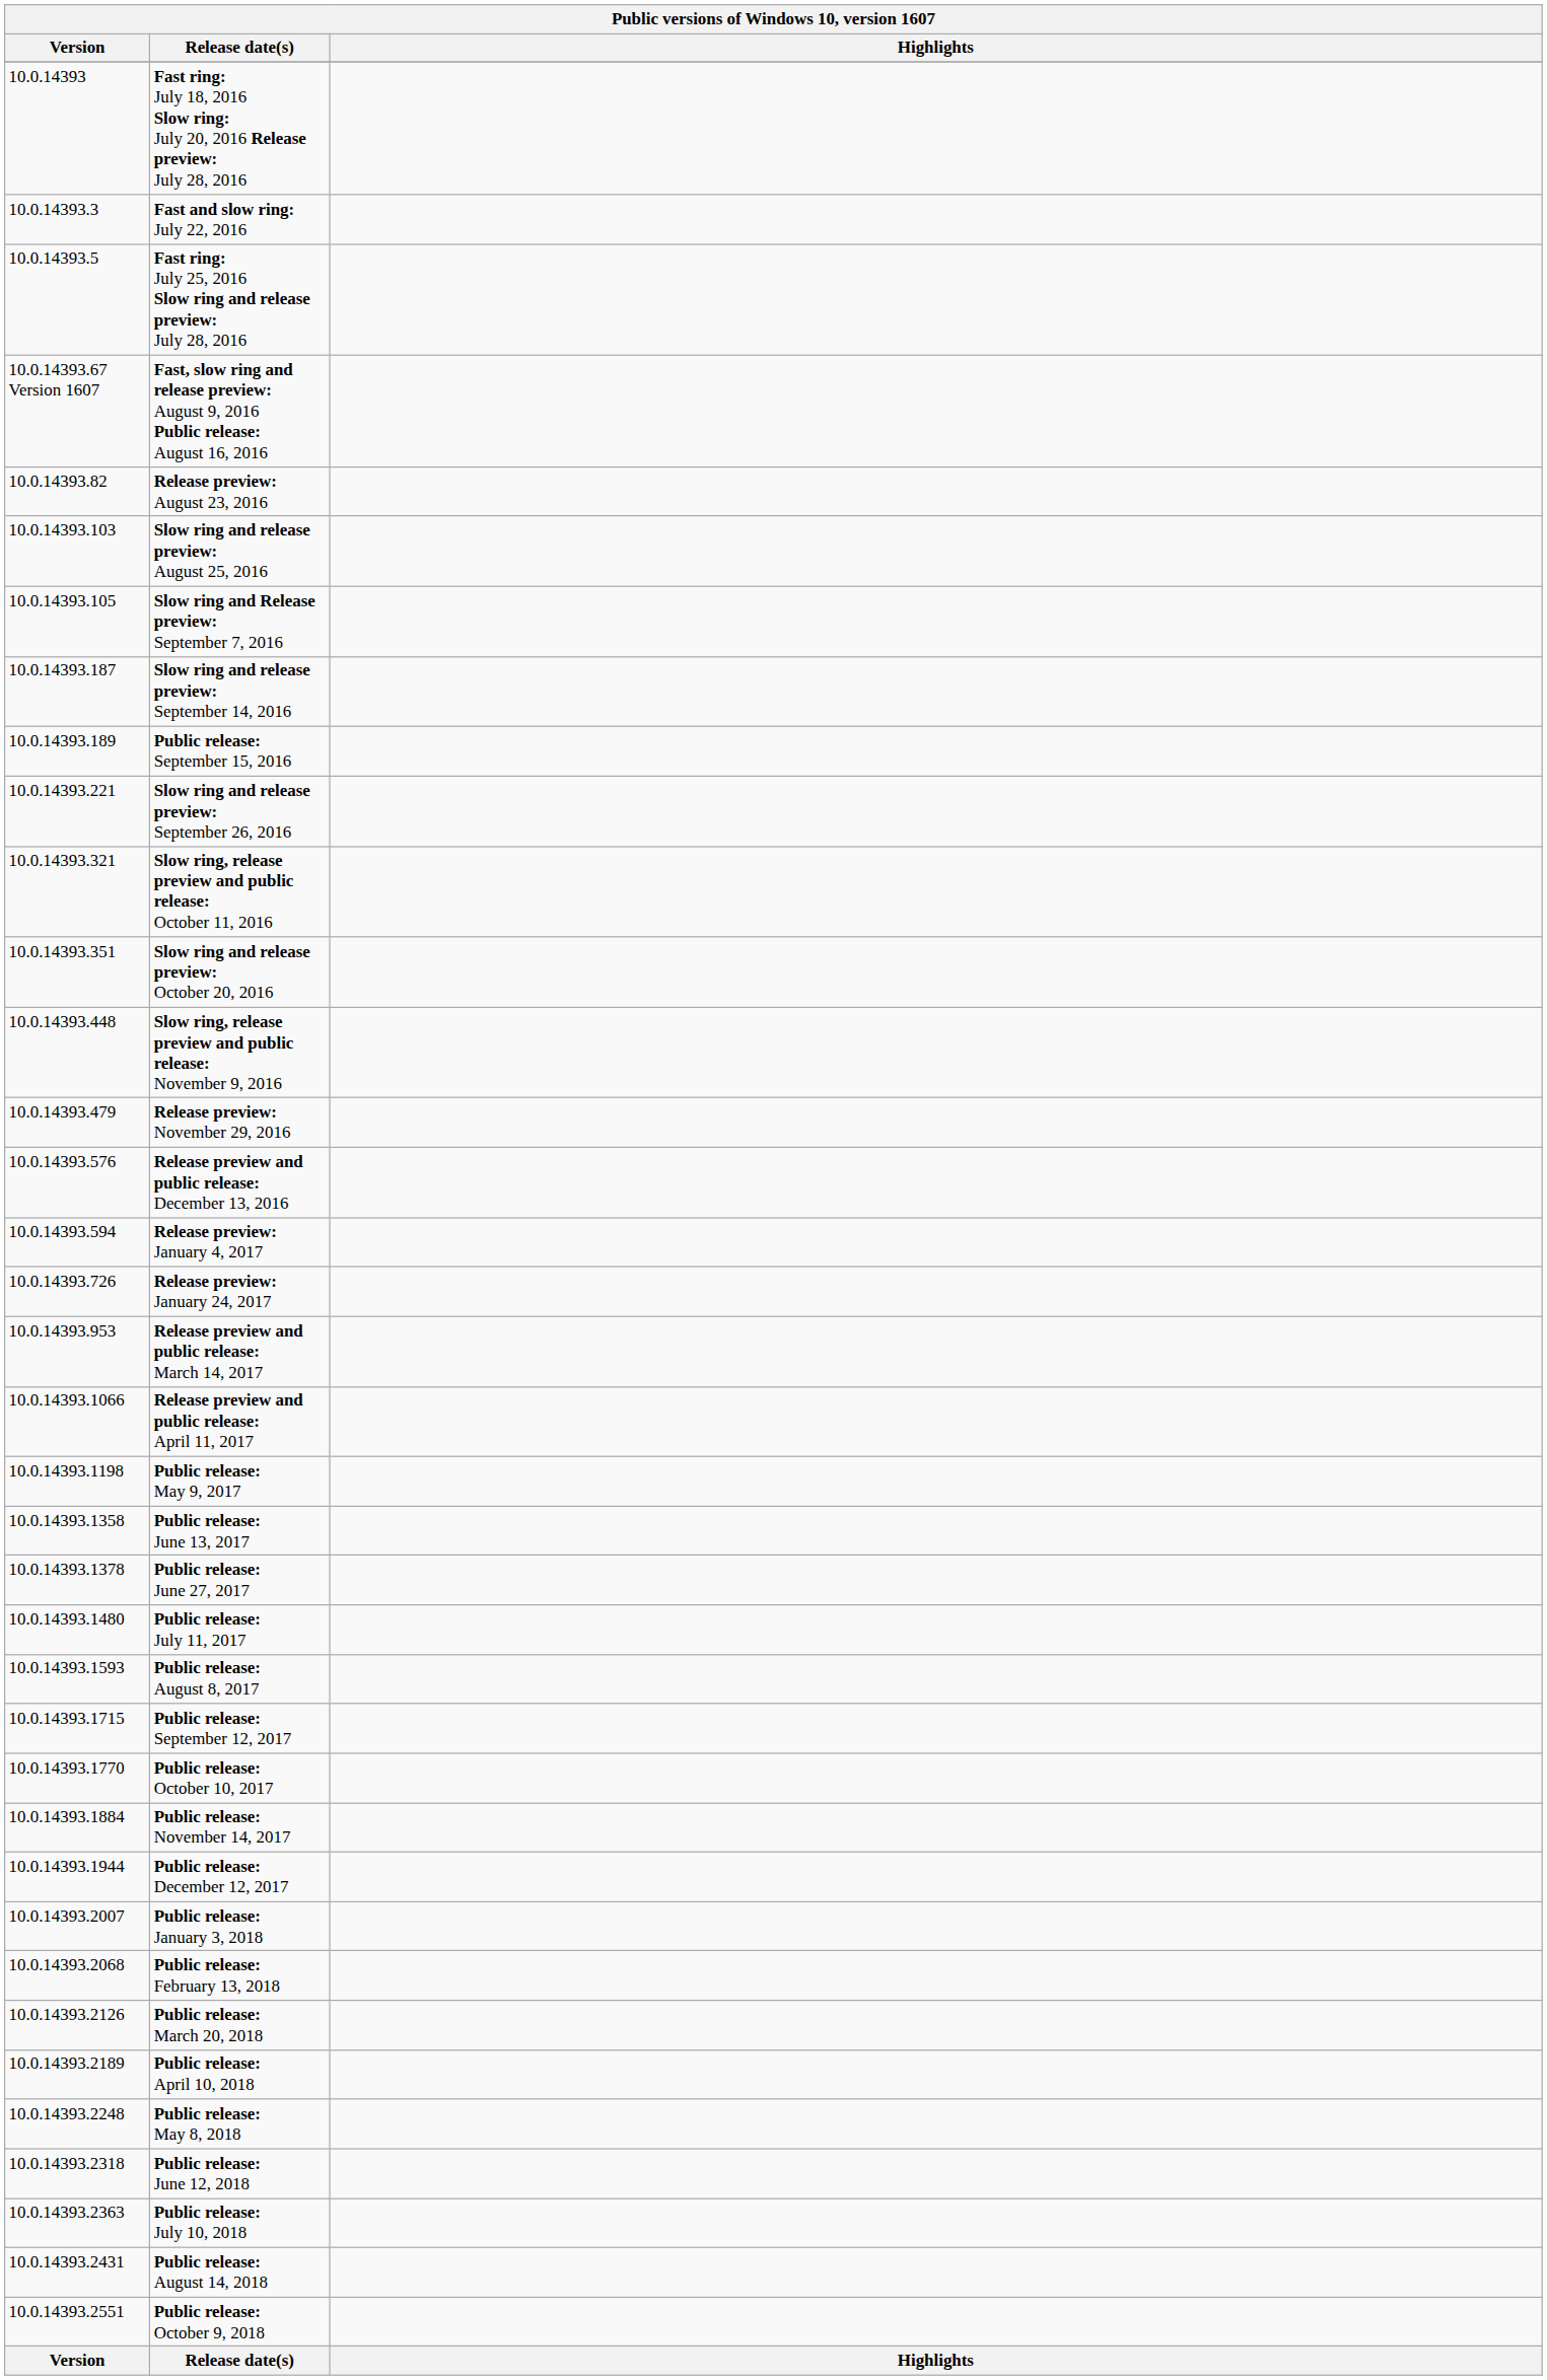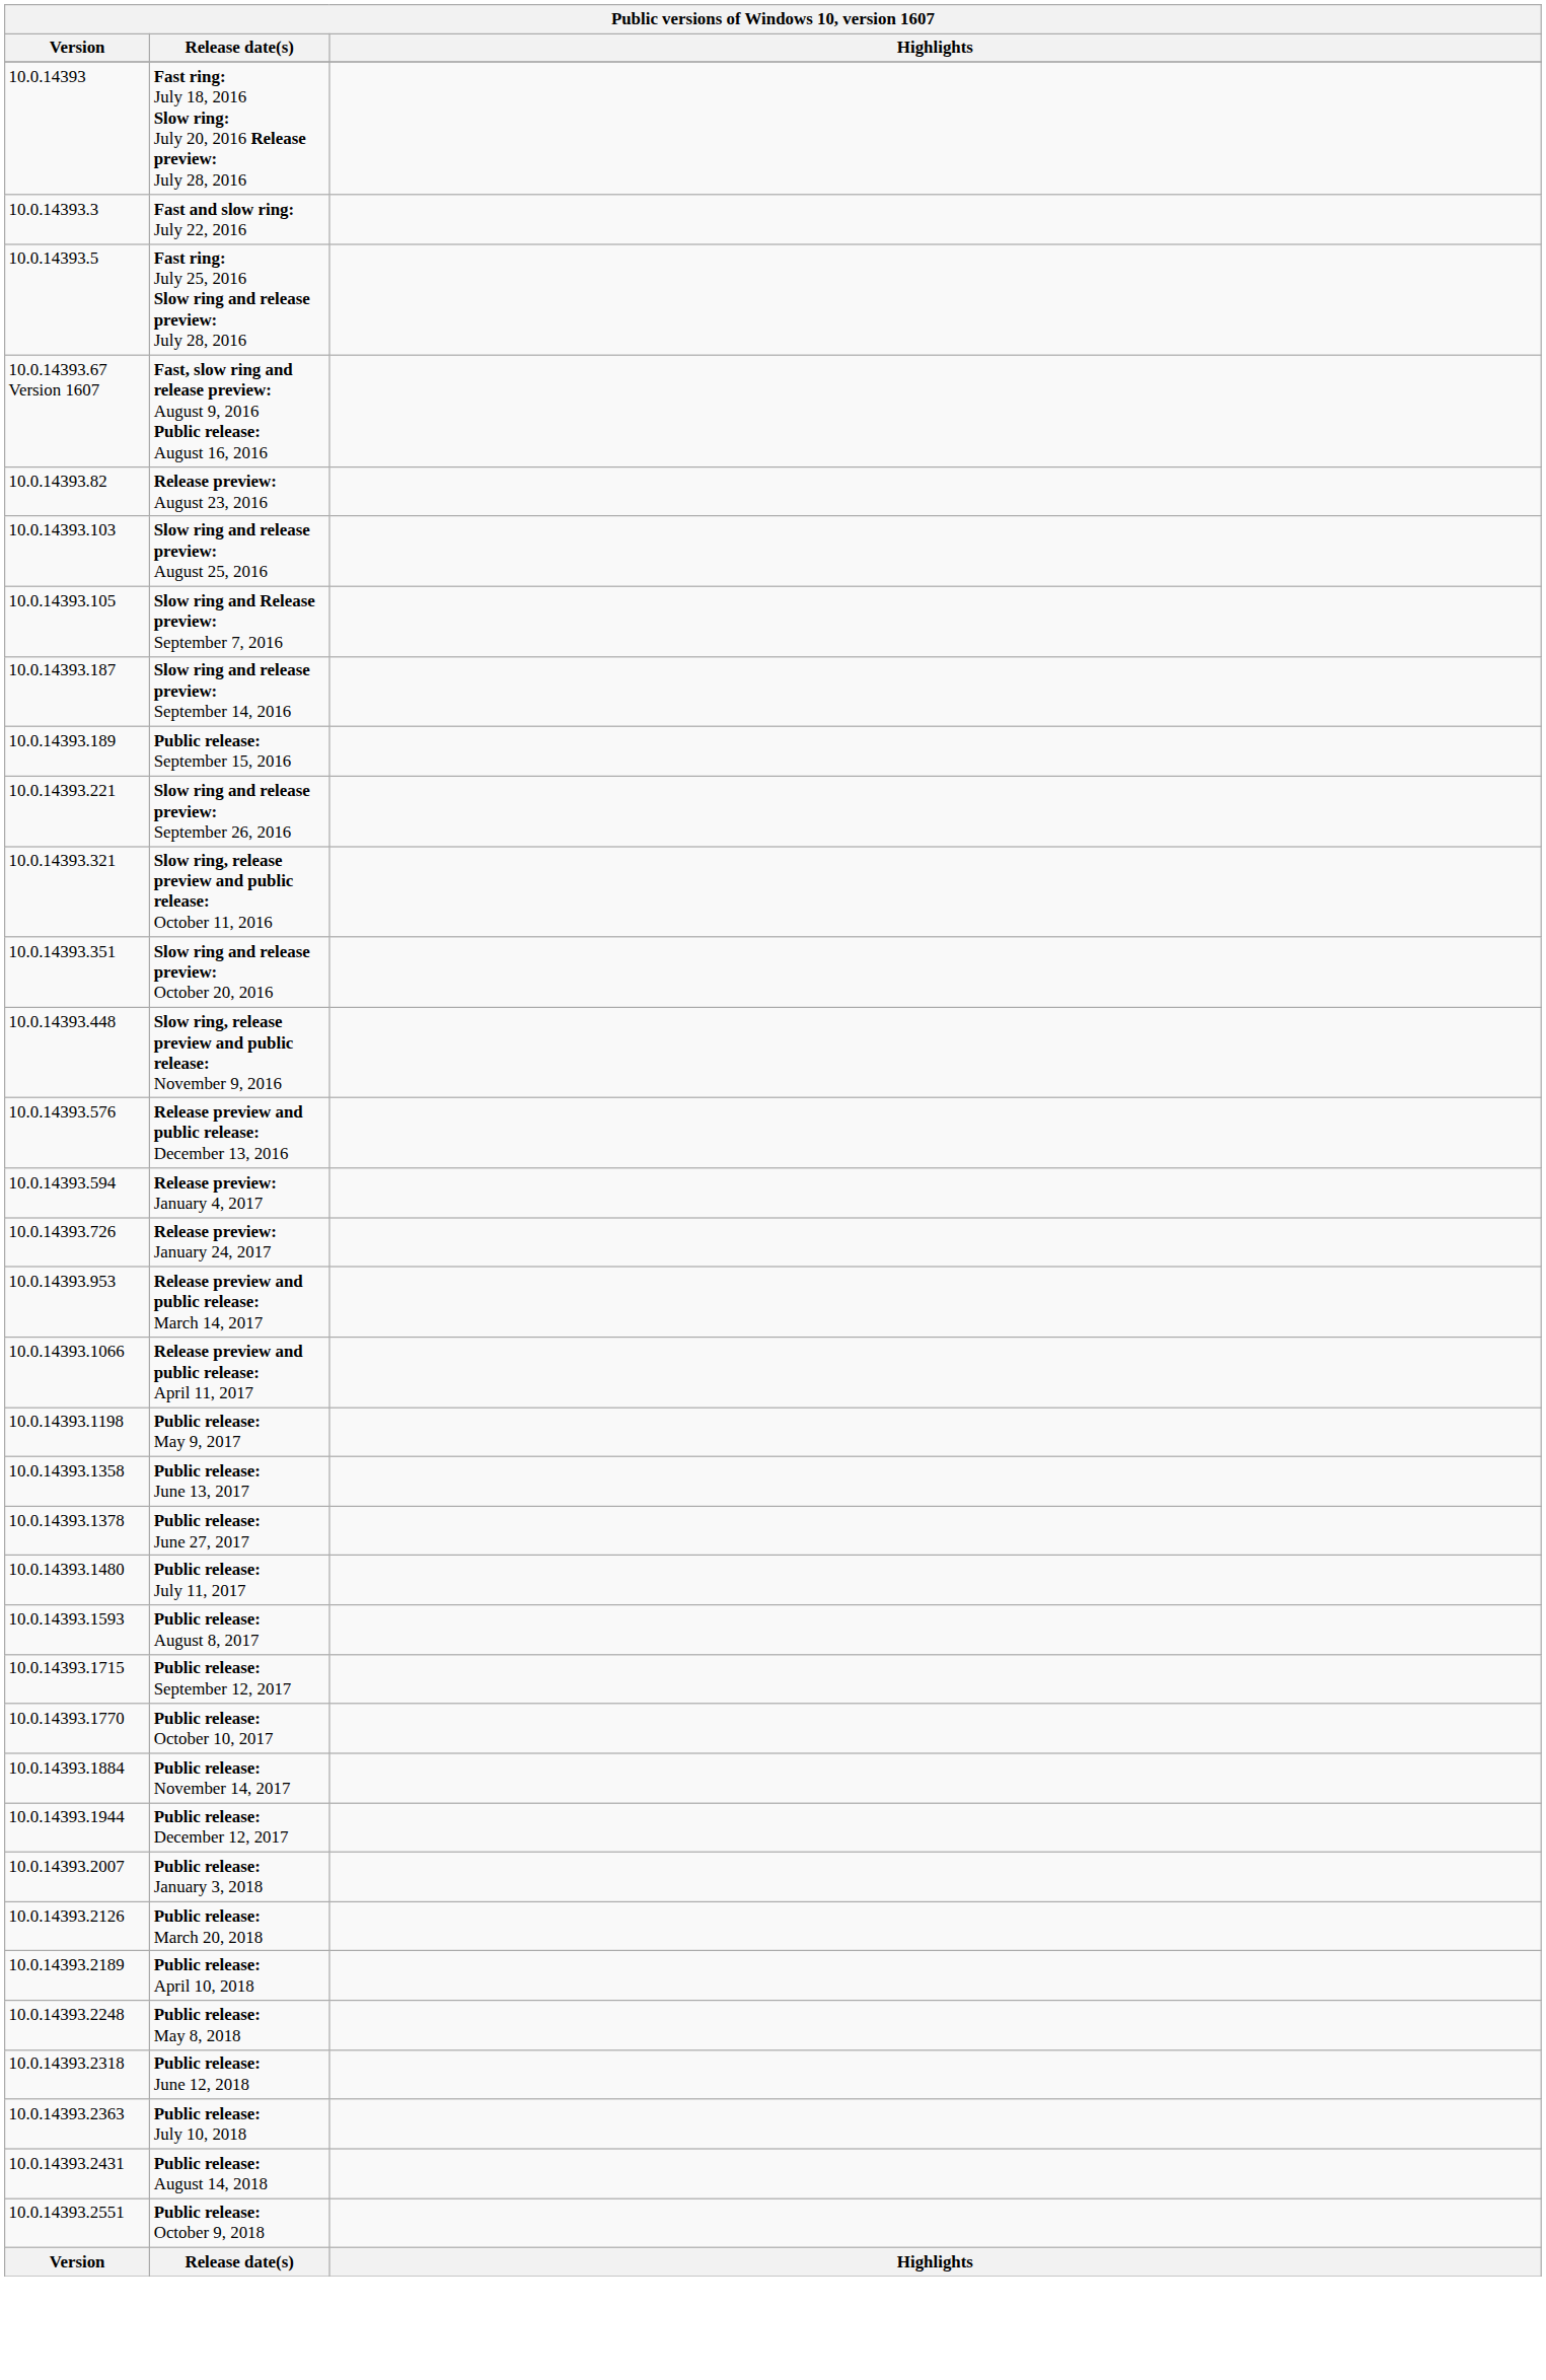 <table class="wikitable mw-collapsible mw-collapsed" style="width:100%;font-size:88%;">
 <tr>
 <th style="text-align:center;" colspan="3">Public versions of Windows 10, version 1607</th>
 </tr>
 <tr>
 <th scope="col" style="width:8em;text-align:center;">Version</th>
 <th scope="col" style="width:10em;text-align:center;background::#fff;">Release date(s)</th>
 <th scope="col" style="background::#fff;text-align:center;">Highlights</th>
 </tr>
 <tr style="vertical-align:top;">
 </tr>
 <tr valign="top">
 <td>10.0.14393<br></td>
 <td><strong>Fast ring:</strong><br>July 18, 2016<br><strong>Slow ring:</strong><br>July 20, 2016 <strong>Release preview:</strong><br>July 28, 2016</td>
 <td></td>
 </tr>
 <tr valign="top">
 <td>10.0.14393.3<br></td>
 <td><strong>Fast and slow ring:</strong><br>July 22, 2016</td>
 <td></td>
 </tr>
 <tr valign="top">
 <td>10.0.14393.5<br></td>
 <td><strong>Fast ring:</strong><br>July 25, 2016<br><strong>Slow ring and release preview:</strong><br>July 28, 2016</td>
 <td></td>
 </tr>
 <tr valign="top">
 <td>10.0.14393.67<br>Version 1607<br></td>
 <td><strong>Fast, slow ring and release preview:</strong><br>August 9, 2016<br><strong>Public release:</strong><br>August 16, 2016</td>
 <td></td>
 </tr>
 <tr valign="top">
 <td>10.0.14393.82<br></td>
 <td><strong>Release preview:</strong><br>August 23, 2016</td>
 <td></td>
 </tr>
 <tr valign="top">
 <td>10.0.14393.103<br></td>
 <td><strong>Slow ring and release preview:</strong><br>August 25, 2016</td>
 <td></td>
 </tr>
 <tr valign="top">
 <td>10.0.14393.105<br></td>
 <td><strong>Slow ring and Release preview:</strong><br>September 7, 2016</td>
 <td></td>
 </tr>
 <tr valign="top">
 <td>10.0.14393.187<br></td>
 <td><strong>Slow ring and release preview:</strong><br>September 14, 2016</td>
 <td></td>
 </tr>
 <tr valign="top">
 <td>10.0.14393.189<br></td>
 <td><strong>Public release:</strong><br>September 15, 2016</td>
 <td></td>
 </tr>
 <tr valign="top">
 <td>10.0.14393.221<br></td>
 <td><strong>Slow ring and release preview:</strong><br>September 26, 2016</td>
 <td></td>
 </tr>
 <tr valign="top">
 <td>10.0.14393.321<br></td>
 <td><strong>Slow ring, release preview and public release:</strong><br>October 11, 2016</td>
 <td></td>
 </tr>
 <tr valign="top">
 <td>10.0.14393.351<br></td>
 <td><strong>Slow ring and release preview:</strong><br>October 20, 2016</td>
 <td></td>
 </tr>
 <tr valign="top">
 <td>10.0.14393.448<br></td>
 <td><strong>Slow ring, release preview and public release:</strong><br>November 9, 2016</td>
-<td></td>
-</tr>
-<tr valign="top">
-<td>10.0.14393.479<br></td>
-<td><strong>Release preview:</strong><br>November 29, 2016</td>
 <td></td>
 </tr>
 <tr valign="top">
 <td>10.0.14393.576<br></td>
 <td><strong>Release preview and public release:</strong><br>December 13, 2016</td>
 <td></td>
 </tr>
 <tr valign="top">
 <td>10.0.14393.594<br></td>
 <td><strong>Release preview:</strong><br>January 4, 2017</td>
 <td></td>
 </tr>
 <tr valign="top">
 <td>10.0.14393.726<br></td>
 <td><strong>Release preview:</strong><br>January 24, 2017</td>
 <td></td>
 </tr>
 <tr valign="top">
 <td>10.0.14393.953<br></td>
 <td><strong>Release preview and public release:</strong><br>March 14, 2017</td>
 <td></td>
 </tr>
 <tr valign="top">
 <td>10.0.14393.1066<br></td>
 <td><strong>Release preview and public release:</strong><br>April 11, 2017</td>
 <td></td>
 </tr>
 <tr valign="top">
 <td>10.0.14393.1198<br></td>
 <td><strong>Public release:</strong><br>May 9, 2017</td>
 <td></td>
 </tr>
 <tr valign="top">
 <td>10.0.14393.1358<br></td>
 <td><strong>Public release:</strong><br>June 13, 2017</td>
 <td></td>
 </tr>
 <tr valign="top">
 <td>10.0.14393.1378<br></td>
 <td><strong>Public release:</strong><br>June 27, 2017</td>
 <td></td>
 </tr>
 <tr valign="top">
 <td>10.0.14393.1480<br></td>
 <td><strong>Public release:</strong><br>July 11, 2017</td>
 <td></td>
 </tr>
 <tr valign="top">
 <td>10.0.14393.1593<br></td>
 <td><strong>Public release:</strong><br>August 8, 2017</td>
 <td></td>
 </tr>
 <tr valign="top">
 <td>10.0.14393.1715<br></td>
 <td><strong>Public release:</strong><br>September 12, 2017</td>
 <td></td>
 </tr>
 <tr valign="top">
 <td>10.0.14393.1770<br></td>
 <td><strong>Public release:</strong><br>October 10, 2017</td>
 <td></td>
 </tr>
 <tr valign="top">
 <td>10.0.14393.1884<br></td>
 <td><strong>Public release:</strong><br>November 14, 2017</td>
 <td></td>
 </tr>
 <tr valign="top">
 <td>10.0.14393.1944<br></td>
 <td><strong>Public release:</strong><br>December 12, 2017</td>
 <td></td>
 </tr>
 <tr valign="top">
 <td>10.0.14393.2007<br></td>
 <td><strong>Public release:</strong><br>January 3, 2018</td>
 <td></td>
 </tr>
 <tr valign="top">
-<td>10.0.14393.2068<br></td>
-<td><strong>Public release:</strong><br>February 13, 2018</td>
-<td></td>
-</tr>
-<tr valign="top">
 <td>10.0.14393.2126<br></td>
 <td><strong>Public release:</strong><br>March 20, 2018</td>
 <td></td>
 </tr>
 <tr valign="top">
 <td>10.0.14393.2189<br></td>
 <td><strong>Public release:</strong><br>April 10, 2018</td>
 <td></td>
 </tr>
 <tr valign="top">
 <td>10.0.14393.2248<br></td>
 <td><strong>Public release:</strong><br>May 8, 2018</td>
 <td></td>
 </tr>
 <tr valign="top">
 <td>10.0.14393.2318<br></td>
 <td><strong>Public release:</strong><br>June 12, 2018</td>
 <td></td>
 </tr>
 <tr valign="top">
 <td>10.0.14393.2363<br></td>
 <td><strong>Public release:</strong><br>July 10, 2018</td>
 <td></td>
 </tr>
 <tr valign="top">
 <td>10.0.14393.2431<br></td>
 <td><strong>Public release:</strong><br>August 14, 2018</td>
 <td></td>
 </tr>
 <tr valign="top">
 <td>10.0.14393.2551<br></td>
 <td><strong>Public release:</strong><br>October 9, 2018</td>
 <td></td>
 </tr>
 <tr>
 <th>Version</th>
 <th>Release date(s)</th>
 <th>Highlights</th>
 </tr>
 </table>
